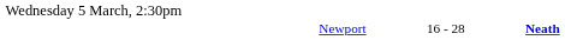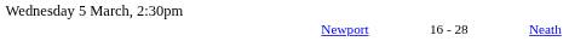 <table style="width:70%;" cellspacing="1">
 <tr>
 <th width=35%></th>
 <th width=15%></th>
 <th></th>
 </tr>
 <tr>
 <td>Wednesday 5 March, 2:30pm</td>
 </tr>
 <tr style=font-size:90%>
 <td align=right><a href='#'>Newport</a></td>
 <td align=center>16 - 28</td>
-<td><strong><a href='#'>Neath</a></strong></td>
+<td><a href='#'>Neath</a></td>
 </tr>
 </table>
